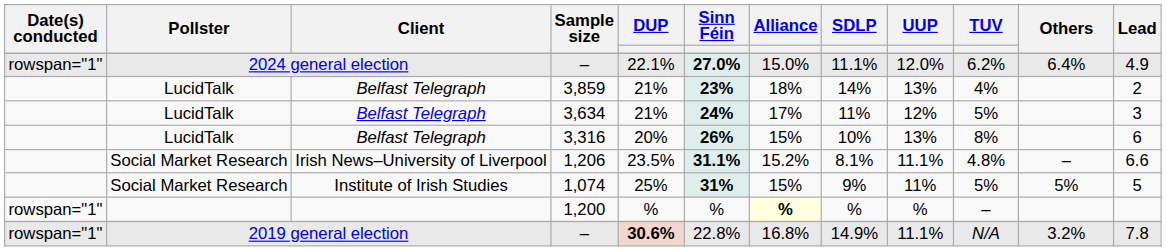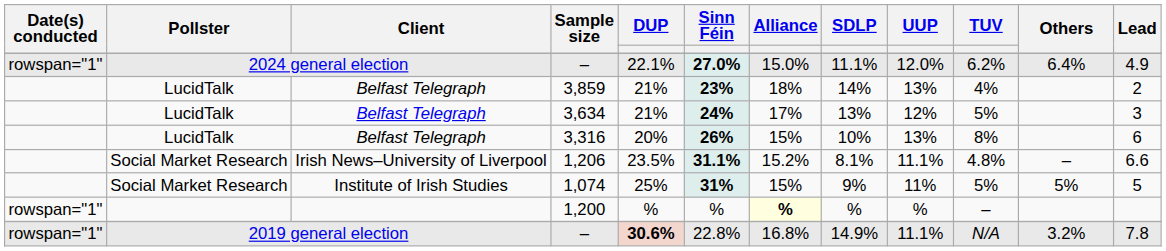 <table class="wikitable sortable mw-datatable" style="text-align:center; font-size:90%; line-height:14px;">
 <tr>
 <th rowspan="2">Date(s)<br>conducted</th>
 <th rowspan="2">Pollster</th>
 <th rowspan="2">Client</th>
 <th rowspan="2" data-sort-type="number">Sample<br>size</th>
 <th class="unsortable" style="width:50px;"><a href='#'>DUP</a></th>
 <th class="unsortable" style="width:50px;"><a href='#'>Sinn Féin</a></th>
 <th class="unsortable" style="width:50px;"><a href='#'>Alliance</a></th>
 <th class="unsortable" style="width:50px;"><a href='#'>SDLP</a></th>
 <th class="unsortable" style="width:50px;"><a href='#'>UUP</a></th>
 <th class="unsortable" style="width:50px;"><a href='#'>TUV</a></th>
 <th rowspan="2" class="unsortable" style="width:75px;">Others</th>
 <th rowspan="2" data-sort-type="number">Lead</th>
 </tr>
 <tr>
 <th data-sort-type="number" style="background:"></th>
 <th data-sort-type="number" style="background:"></th>
 <th data-sort-type="number" style="background:"></th>
 <th data-sort-type="number" style="background:"></th>
 <th data-sort-type="number" style="background:"></th>
 <th data-sort-type="number" style="background:"></th>
 </tr>
 <tr>
 </tr>
 <tr style="background:#e9e9e9;">
 <td>rowspan="1" </td>
 <td colspan="2" rowspan="1"><a href='#'>2024 general election</a></td>
 <td>–</td>
 <td>22.1%</td>
 <td style="background:#ddeeec;"><strong>27.0%</strong></td>
 <td>15.0%</td>
 <td>11.1%</td>
 <td>12.0%</td>
 <td>6.2%</td>
 <td>6.4%</td>
 <td style="background:">4.9</td>
 </tr>
 <tr>
 <td></td>
 <td>LucidTalk</td>
 <td><em>Belfast Telegraph</em></td>
 <td>3,859</td>
 <td>21%</td>
 <td style="background:#ddeeec;"><strong>23%</strong></td>
 <td>18%</td>
 <td>14%</td>
 <td>13%</td>
 <td>4%</td>
 <td></td>
 <td style="background:">2</td>
 </tr>
 <tr>
 <td></td>
 <td>LucidTalk</td>
 <td><em><a href='#'>Belfast Telegraph</a></em></td>
 <td>3,634</td>
 <td>21%</td>
 <td style="background:#ddeeec;"><strong>24%</strong></td>
 <td>17%</td>
-<td>11%</td>
+<td>13%</td>
 <td>12%</td>
 <td>5%</td>
 <td></td>
 <td style="background:">3</td>
 </tr>
 <tr>
 <td></td>
 <td>LucidTalk</td>
 <td><em>Belfast Telegraph</em></td>
 <td>3,316</td>
 <td>20%</td>
 <td style="background:#ddeeec;"><strong>26%</strong></td>
 <td>15%</td>
 <td>10%</td>
 <td>13%</td>
 <td>8%</td>
 <td></td>
 <td style="background:">6</td>
 </tr>
 <tr>
 <td></td>
 <td>Social Market Research</td>
 <td>Irish News–University of Liverpool</td>
 <td>1,206</td>
 <td>23.5%</td>
 <td style="background:#ddeeec;"><strong>31.1%</strong></td>
 <td>15.2%</td>
 <td>8.1%</td>
 <td>11.1%</td>
 <td>4.8%</td>
 <td>–</td>
 <td style="background:">6.6</td>
 </tr>
 <tr>
 <td></td>
 <td>Social Market Research</td>
 <td>Institute of Irish Studies</td>
 <td>1,074</td>
 <td>25%</td>
 <td style="background:#ddeeec;"><strong>31%</strong></td>
 <td>15%</td>
 <td>9%</td>
 <td>11%</td>
 <td>5%</td>
 <td>5%</td>
 <td style="background:">5</td>
 </tr>
 <tr>
 <td>rowspan="1" </td>
 <td></td>
 <td></td>
 <td>1,200</td>
 <td>% </td>
 <td>%</td>
 <td style="background:#ffffe0;"><strong>%</strong></td>
 <td>%</td>
 <td>%</td>
 <td>–</td>
 <td></td>
 <td style="background:"></td>
 </tr>
 <tr>
 </tr>
 <tr style="background:#e9e9e9;">
 <td>rowspan="1" </td>
 <td colspan="2" rowspan="1"><a href='#'>2019 general election</a></td>
 <td>–</td>
 <td style="background:#F3D6CE;"><strong>30.6%</strong></td>
 <td>22.8%</td>
 <td>16.8%</td>
 <td>14.9%</td>
 <td>11.1%</td>
 <td><em>N/A</em></td>
 <td>3.2%</td>
 <td style="background:">7.8</td>
 </tr>
 </table>
